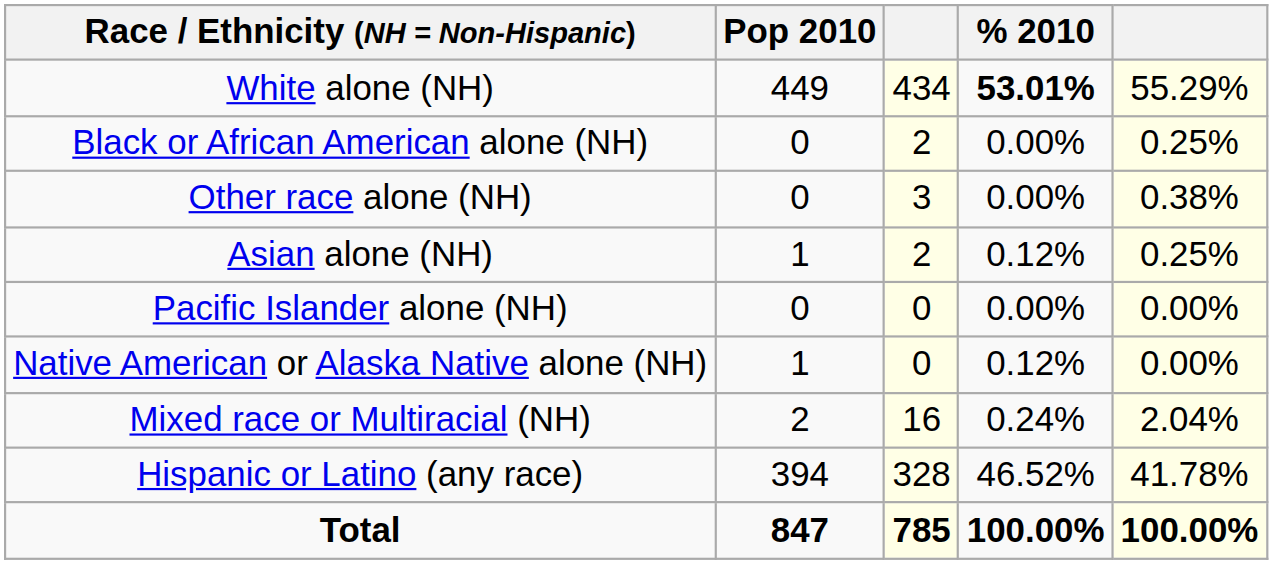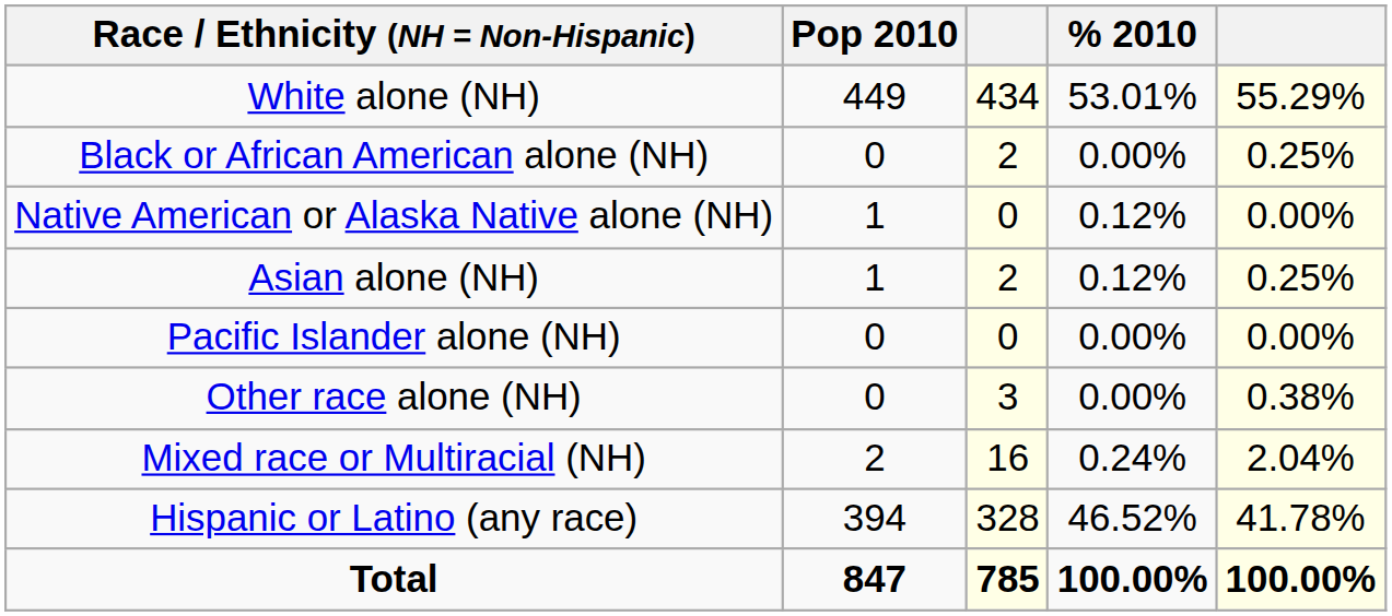 <table class="wikitable" style="text-align:center;">
 <tr>
 <th>Race / Ethnicity <small>(<em>NH = Non-Hispanic</em>)</small></th>
 <th>Pop 2010</th>
 <th></th>
 <th>% 2010</th>
 <th></th>
 </tr>
 <tr>
 <td><a href='#'>White</a> alone (NH)</td>
 <td>449</td>
 <td style='background: #ffffe6;'>434</td>
-<td><strong>53.01%</strong></td>
+<td>53.01%</td>
 <td style='background: #ffffe6;'>55.29%</td>
 </tr>
 <tr>
 <td><a href='#'>Black or African American</a> alone (NH)</td>
 <td>0</td>
 <td style='background: #ffffe6;'>2</td>
 <td>0.00%</td>
 <td style='background: #ffffe6;'>0.25%</td>
 </tr>
 <tr>
-<td><a href='#'>Other race</a> alone (NH)</td>
-<td>0</td>
-<td style='background: #ffffe6;'>3</td>
-<td>0.00%</td>
-<td style='background: #ffffe6;'>0.38%</td>
+<td><a href='#'>Native American</a> or <a href='#'>Alaska Native</a> alone (NH)</td>
+<td>1</td>
+<td style='background: #ffffe6;'>0</td>
+<td>0.12%</td>
+<td style='background: #ffffe6;'>0.00%</td>
 </tr>
 <tr>
 <td><a href='#'>Asian</a> alone (NH)</td>
 <td>1</td>
 <td style='background: #ffffe6;'>2</td>
 <td>0.12%</td>
 <td style='background: #ffffe6;'>0.25%</td>
 </tr>
 <tr>
 <td><a href='#'>Pacific Islander</a> alone (NH)</td>
 <td>0</td>
 <td style='background: #ffffe6;'>0</td>
 <td>0.00%</td>
 <td style='background: #ffffe6;'>0.00%</td>
 </tr>
 <tr>
-<td><a href='#'>Native American</a> or <a href='#'>Alaska Native</a> alone (NH)</td>
-<td>1</td>
-<td style='background: #ffffe6;'>0</td>
-<td>0.12%</td>
-<td style='background: #ffffe6;'>0.00%</td>
+<td><a href='#'>Other race</a> alone (NH)</td>
+<td>0</td>
+<td style='background: #ffffe6;'>3</td>
+<td>0.00%</td>
+<td style='background: #ffffe6;'>0.38%</td>
 </tr>
 <tr>
 <td><a href='#'>Mixed race or Multiracial</a> (NH)</td>
 <td>2</td>
 <td style='background: #ffffe6;'>16</td>
 <td>0.24%</td>
 <td style='background: #ffffe6;'>2.04%</td>
 </tr>
 <tr>
 <td><a href='#'>Hispanic or Latino</a> (any race)</td>
 <td>394</td>
 <td style='background: #ffffe6;'>328</td>
 <td>46.52%</td>
 <td style='background: #ffffe6;'>41.78%</td>
 </tr>
 <tr>
 <td><strong>Total</strong></td>
 <td><strong>847</strong></td>
 <td style='background: #ffffe6;'><strong>785</strong></td>
 <td><strong>100.00%</strong></td>
 <td style='background: #ffffe6;'><strong>100.00%</strong></td>
 </tr>
 </table>
